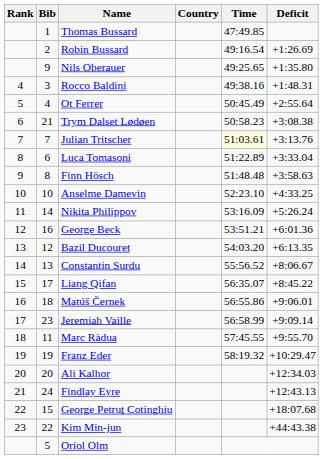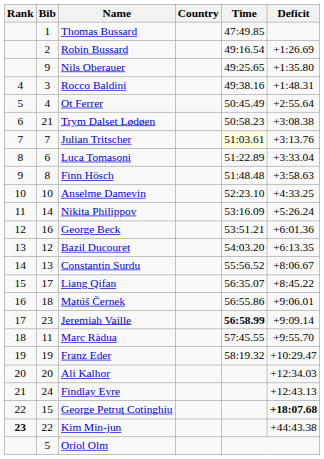 <table class="wikitable sortable" style="text-align:center">
 <tr>
 <th>Rank</th>
 <th>Bib</th>
 <th>Name</th>
 <th>Country</th>
 <th>Time</th>
 <th>Deficit</th>
 </tr>
 <tr>
 <td></td>
 <td>1</td>
 <td align=left><a href='#'>Thomas Bussard</a></td>
 <td align=left></td>
 <td>47:49.85</td>
 <td></td>
 </tr>
 <tr>
 <td></td>
 <td>2</td>
 <td align=left><a href='#'>Robin Bussard</a></td>
 <td align=left></td>
 <td>49:16.54</td>
 <td>+1:26.69</td>
 </tr>
 <tr>
 <td></td>
 <td>9</td>
 <td align=left><a href='#'>Nils Oberauer</a></td>
 <td align=left></td>
 <td>49:25.65</td>
 <td>+1:35.80</td>
 </tr>
 <tr>
 <td>4</td>
 <td>3</td>
 <td align=left><a href='#'>Rocco Baldini</a></td>
 <td align=left></td>
 <td>49:38.16</td>
 <td>+1:48.31</td>
 </tr>
 <tr>
 <td>5</td>
 <td>4</td>
 <td align=left><a href='#'>Ot Ferrer</a></td>
 <td align=left></td>
 <td>50:45.49</td>
 <td>+2:55.64</td>
 </tr>
 <tr>
 <td>6</td>
 <td>21</td>
 <td align=left><a href='#'>Trym Dalset Lødøen</a></td>
 <td align=left></td>
 <td>50:58.23</td>
 <td>+3:08.38</td>
 </tr>
 <tr>
 <td>7</td>
 <td>7</td>
 <td align=left><a href='#'>Julian Tritscher</a></td>
 <td align=left></td>
 <td style="background: lightyellow;">51:03.61</td>
 <td>+3:13.76</td>
 </tr>
 <tr>
 <td>8</td>
 <td>6</td>
 <td align=left><a href='#'>Luca Tomasoni</a></td>
 <td align=left></td>
 <td>51:22.89</td>
 <td>+3:33.04</td>
 </tr>
 <tr>
 <td>9</td>
 <td>8</td>
 <td align=left><a href='#'>Finn Hösch</a></td>
 <td align=left></td>
 <td>51:48.48</td>
 <td>+3:58.63</td>
 </tr>
 <tr>
 <td>10</td>
 <td>10</td>
 <td align=left><a href='#'>Anselme Damevin</a></td>
 <td align=left></td>
 <td>52:23.10</td>
 <td>+4:33.25</td>
 </tr>
 <tr>
 <td>11</td>
 <td>14</td>
 <td align=left><a href='#'>Nikita Philippov</a></td>
 <td align=left></td>
 <td>53:16.09</td>
 <td>+5:26.24</td>
 </tr>
 <tr>
 <td>12</td>
 <td>16</td>
 <td align=left><a href='#'>George Beck</a></td>
 <td align=left></td>
 <td>53:51.21</td>
 <td>+6:01.36</td>
 </tr>
 <tr>
 <td>13</td>
 <td>12</td>
 <td align=left><a href='#'>Bazil Ducouret</a></td>
 <td align=left></td>
 <td>54:03.20</td>
 <td>+6:13.35</td>
 </tr>
 <tr>
 <td>14</td>
 <td>13</td>
 <td align=left><a href='#'>Constantin Surdu</a></td>
 <td align=left></td>
 <td>55:56.52</td>
 <td>+8:06.67</td>
 </tr>
 <tr>
 <td>15</td>
 <td>17</td>
 <td align=left><a href='#'>Liang Qifan</a></td>
 <td align=left></td>
 <td>56:35.07</td>
 <td>+8:45.22</td>
 </tr>
 <tr>
 <td>16</td>
 <td>18</td>
 <td align=left><a href='#'>Matúš Černek</a></td>
 <td align=left></td>
 <td>56:55.86</td>
 <td>+9:06.01</td>
 </tr>
 <tr>
 <td>17</td>
 <td>23</td>
 <td align=left><a href='#'>Jeremiah Vaille</a></td>
 <td align=left></td>
-<td>56:58.99</td>
+<td><strong>56:58.99</strong></td>
 <td>+9:09.14</td>
 </tr>
 <tr>
 <td>18</td>
 <td>11</td>
 <td align=left><a href='#'>Marc Ràdua</a></td>
 <td align=left></td>
 <td>57:45.55</td>
 <td>+9:55.70</td>
 </tr>
 <tr>
 <td>19</td>
 <td>19</td>
 <td align=left><a href='#'>Franz Eder</a></td>
 <td align=left></td>
 <td>58:19.32</td>
 <td>+10:29.47</td>
 </tr>
 <tr>
 <td>20</td>
 <td>20</td>
 <td align=left><a href='#'>Ali Kalhor</a></td>
 <td align=left></td>
 <td></td>
 <td>+12:34.03</td>
 </tr>
 <tr>
 <td>21</td>
 <td>24</td>
 <td align=left><a href='#'>Findlay Eyre</a></td>
 <td align=left></td>
 <td></td>
 <td>+12:43.13</td>
 </tr>
 <tr>
 <td>22</td>
 <td>15</td>
 <td align=left><a href='#'>George Petruţ Cotinghiu</a></td>
 <td align=left></td>
 <td></td>
-<td>+18:07.68</td>
+<td><strong>+18:07.68</strong></td>
 </tr>
 <tr>
-<td>23</td>
+<td><strong>23</strong></td>
 <td>22</td>
 <td align=left><a href='#'>Kim Min-jun</a></td>
 <td align=left></td>
 <td></td>
 <td>+44:43.38</td>
 </tr>
 <tr>
 <td></td>
 <td>5</td>
 <td align="left"><a href='#'>Oriol Olm</a></td>
 <td align=left></td>
 <td colspan=2></td>
 </tr>
 </table>
